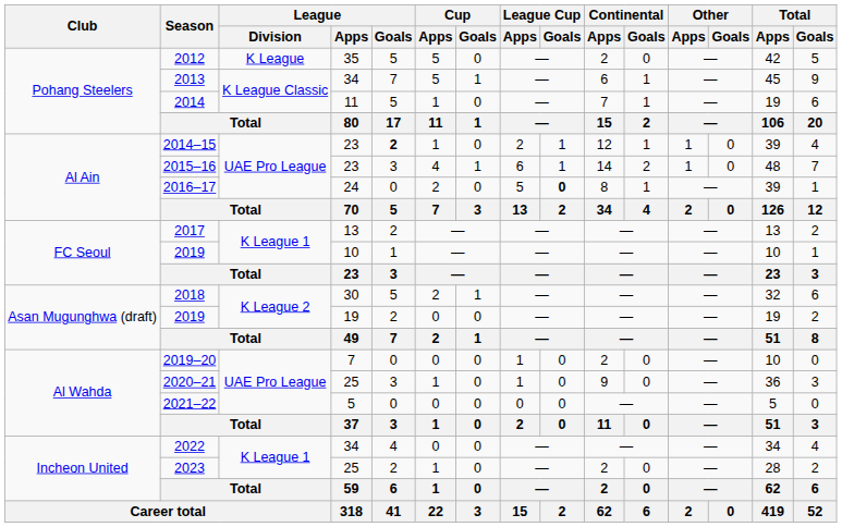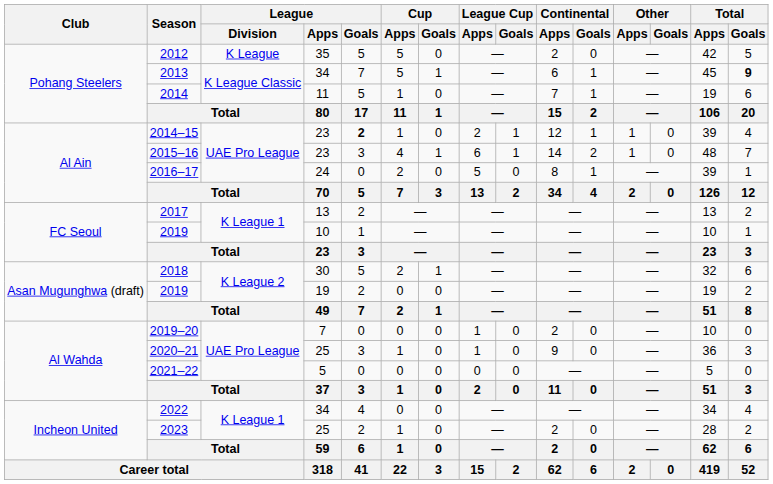 <table class="wikitable" style="text-align:center">
 <tr>
 <th rowspan=2>Club</th>
 <th rowspan=2>Season</th>
 <th colspan=3>League</th>
 <th colspan=2>Cup</th>
 <th colspan=2>League Cup</th>
 <th colspan=2>Continental</th>
 <th colspan=2>Other</th>
 <th colspan=2>Total</th>
 </tr>
 <tr>
 <th>Division</th>
 <th>Apps</th>
 <th>Goals</th>
 <th>Apps</th>
 <th>Goals</th>
 <th>Apps</th>
 <th>Goals</th>
 <th>Apps</th>
 <th>Goals</th>
 <th>Apps</th>
 <th>Goals</th>
 <th>Apps</th>
 <th>Goals</th>
 </tr>
 <tr>
 <td rowspan="4"><a href='#'>Pohang Steelers</a></td>
 <td><a href='#'>2012</a></td>
 <td rowspan="1"><a href='#'>K League</a></td>
 <td>35</td>
 <td>5</td>
 <td>5</td>
 <td>0</td>
 <td colspan="2">—</td>
 <td>2</td>
 <td>0</td>
 <td colspan="2">—</td>
 <td>42</td>
 <td>5</td>
 </tr>
 <tr>
 <td><a href='#'>2013</a></td>
 <td rowspan="2"><a href='#'>K League Classic</a></td>
 <td>34</td>
 <td>7</td>
 <td>5</td>
 <td>1</td>
 <td colspan="2">—</td>
 <td>6</td>
 <td>1</td>
 <td colspan="2">—</td>
 <td>45</td>
-<td>9</td>
+<td><strong>9</strong></td>
 </tr>
 <tr>
 <td><a href='#'>2014</a></td>
 <td>11</td>
 <td>5</td>
 <td>1</td>
 <td>0</td>
 <td colspan="2">—</td>
 <td>7</td>
 <td>1</td>
 <td colspan="2">—</td>
 <td>19</td>
 <td>6</td>
 </tr>
 <tr>
 <th colspan=2>Total</th>
 <th>80</th>
 <th>17</th>
 <th>11</th>
 <th>1</th>
 <th colspan="2">—</th>
 <th>15</th>
 <th>2</th>
 <th colspan="2">—</th>
 <th>106</th>
 <th>20</th>
 </tr>
 <tr>
 <td rowspan="4"><a href='#'>Al Ain</a></td>
 <td><a href='#'>2014–15</a></td>
 <td rowspan="3"><a href='#'>UAE Pro League</a></td>
 <td>23</td>
 <td><strong>2</strong></td>
 <td>1</td>
 <td>0</td>
 <td>2</td>
 <td>1</td>
 <td>12</td>
 <td>1</td>
 <td>1</td>
 <td>0</td>
 <td>39</td>
 <td>4</td>
 </tr>
 <tr>
 <td><a href='#'>2015–16</a></td>
 <td>23</td>
 <td>3</td>
 <td>4</td>
 <td>1</td>
 <td>6</td>
 <td>1</td>
 <td>14</td>
 <td>2</td>
 <td>1</td>
 <td>0</td>
 <td>48</td>
 <td>7</td>
 </tr>
 <tr>
 <td><a href='#'>2016–17</a></td>
 <td>24</td>
 <td>0</td>
 <td>2</td>
 <td>0</td>
 <td>5</td>
-<td><strong>0</strong></td>
+<td>0</td>
 <td>8</td>
 <td>1</td>
 <td colspan="2">—</td>
 <td>39</td>
 <td>1</td>
 </tr>
 <tr>
 <th colspan=2>Total</th>
 <th>70</th>
 <th>5</th>
 <th>7</th>
 <th>3</th>
 <th>13</th>
 <th>2</th>
 <th>34</th>
 <th>4</th>
 <th>2</th>
 <th>0</th>
 <th>126</th>
 <th>12</th>
 </tr>
 <tr>
 <td rowspan="3"><a href='#'>FC Seoul</a></td>
 <td><a href='#'>2017</a></td>
 <td rowspan="2"><a href='#'>K League 1</a></td>
 <td>13</td>
 <td>2</td>
 <td colspan="2">—</td>
 <td colspan="2">—</td>
 <td colspan="2">—</td>
 <td colspan="2">—</td>
 <td>13</td>
 <td>2</td>
 </tr>
 <tr>
 <td><a href='#'>2019</a></td>
 <td>10</td>
 <td>1</td>
 <td colspan="2">—</td>
 <td colspan="2">—</td>
 <td colspan="2">—</td>
 <td colspan="2">—</td>
 <td>10</td>
 <td>1</td>
 </tr>
 <tr>
 <th colspan=2>Total</th>
 <th>23</th>
 <th>3</th>
 <th colspan="2">—</th>
 <th colspan="2">—</th>
 <th colspan="2">—</th>
 <th colspan="2">—</th>
 <th>23</th>
 <th>3</th>
 </tr>
 <tr>
 <td rowspan="3"><a href='#'>Asan Mugunghwa</a> (draft)</td>
 <td><a href='#'>2018</a></td>
 <td rowspan="2"><a href='#'>K League 2</a></td>
 <td>30</td>
 <td>5</td>
 <td>2</td>
 <td>1</td>
 <td colspan="2">—</td>
 <td colspan="2">—</td>
 <td colspan="2">—</td>
 <td>32</td>
 <td>6</td>
 </tr>
 <tr>
 <td><a href='#'>2019</a></td>
 <td>19</td>
 <td>2</td>
 <td>0</td>
 <td>0</td>
 <td colspan="2">—</td>
 <td colspan="2">—</td>
 <td colspan="2">—</td>
 <td>19</td>
 <td>2</td>
 </tr>
 <tr>
 <th colspan=2>Total</th>
 <th>49</th>
 <th>7</th>
 <th>2</th>
 <th>1</th>
 <th colspan="2">—</th>
 <th colspan="2">—</th>
 <th colspan="2">—</th>
 <th>51</th>
 <th>8</th>
 </tr>
 <tr>
 <td rowspan="4"><a href='#'>Al Wahda</a></td>
 <td><a href='#'>2019–20</a></td>
 <td rowspan="3"><a href='#'>UAE Pro League</a></td>
 <td>7</td>
 <td>0</td>
 <td>0</td>
 <td>0</td>
 <td>1</td>
 <td>0</td>
 <td>2</td>
 <td>0</td>
 <td colspan="2">—</td>
 <td>10</td>
 <td>0</td>
 </tr>
 <tr>
 <td><a href='#'>2020–21</a></td>
 <td>25</td>
 <td>3</td>
 <td>1</td>
 <td>0</td>
 <td>1</td>
 <td>0</td>
 <td>9</td>
 <td>0</td>
 <td colspan="2">—</td>
 <td>36</td>
 <td>3</td>
 </tr>
 <tr>
 <td><a href='#'>2021–22</a></td>
 <td>5</td>
 <td>0</td>
 <td>0</td>
 <td>0</td>
 <td>0</td>
 <td>0</td>
 <td colspan="2">—</td>
 <td colspan="2">—</td>
 <td>5</td>
 <td>0</td>
 </tr>
 <tr>
 <th colspan=2>Total</th>
 <th>37</th>
 <th>3</th>
 <th>1</th>
 <th>0</th>
 <th>2</th>
 <th>0</th>
 <th>11</th>
 <th>0</th>
 <th colspan="2">—</th>
 <th>51</th>
 <th>3</th>
 </tr>
 <tr>
 <td rowspan="3"><a href='#'>Incheon United</a></td>
 <td><a href='#'>2022</a></td>
 <td rowspan="2"><a href='#'>K League 1</a></td>
 <td>34</td>
 <td>4</td>
 <td>0</td>
 <td>0</td>
 <td colspan="2">—</td>
 <td colspan="2">—</td>
 <td colspan="2">—</td>
 <td>34</td>
 <td>4</td>
 </tr>
 <tr>
 <td><a href='#'>2023</a></td>
 <td>25</td>
 <td>2</td>
 <td>1</td>
 <td>0</td>
 <td colspan="2">—</td>
 <td>2</td>
 <td>0</td>
 <td colspan="2">—</td>
 <td>28</td>
 <td>2</td>
 </tr>
 <tr>
 <th colspan=2>Total</th>
 <th>59</th>
 <th>6</th>
 <th>1</th>
 <th>0</th>
 <th colspan="2">—</th>
 <th>2</th>
 <th>0</th>
 <th colspan="2">—</th>
 <th>62</th>
 <th>6</th>
 </tr>
 <tr>
 <th colspan=3>Career total</th>
 <th>318</th>
 <th>41</th>
 <th>22</th>
 <th>3</th>
 <th>15</th>
 <th>2</th>
 <th>62</th>
 <th>6</th>
 <th>2</th>
 <th>0</th>
 <th>419</th>
 <th>52</th>
 </tr>
 </table>
